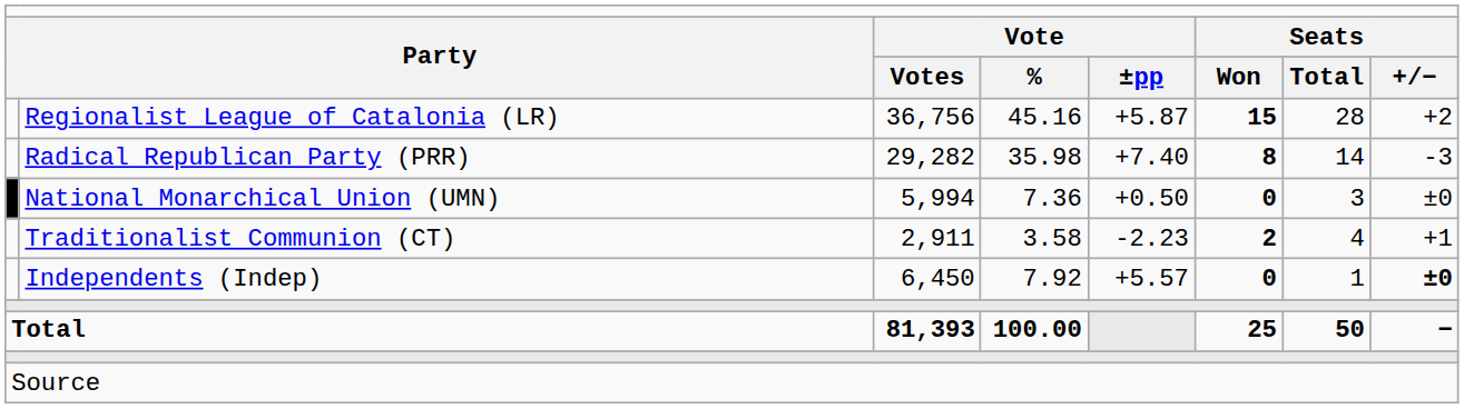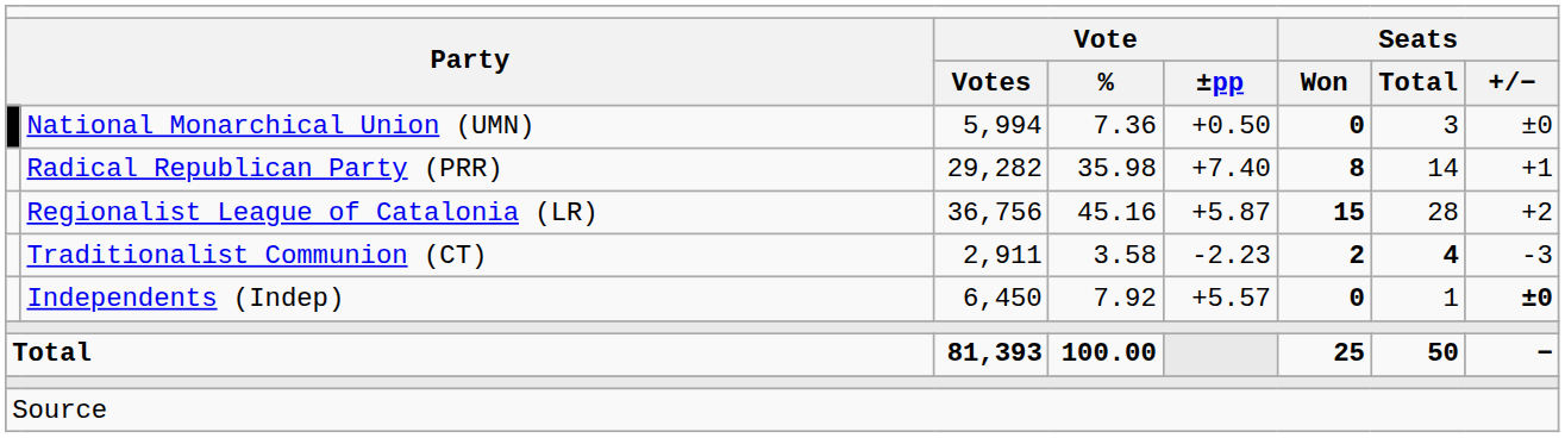 <table class='wikitable' style='text-align:right; font-size:100%;'>
 <tr>
 <td colspan='8'></td>
 </tr>
 <tr bgcolor='#E9E9E9' align='center'>
 <th align='left' rowspan='2' colspan='2' width='450'>Party</th>
 <th colspan='3'>Vote</th>
 <th colspan='3'>Seats</th>
 </tr>
 <tr bgcolor='#E9E9E9' align='center'>
 <th width='50'>Votes</th>
 <th width='50'>%</th>
 <th width='50'>±<a href='#'>pp</a></th>
 <th width='40'>Won</th>
 <th width='40'>Total</th>
 <th width='40'>+/−</th>
 </tr>
 <tr>
+<td bgcolor='#000000'></td>
+<td align='left'><a href='#'>National Monarchical Union</a> (UMN)</td>
+<td>5,994</td>
+<td>7.36</td>
+<td>+0.50</td>
+<td><strong>0</strong></td>
+<td>3</td>
+<td>±0</td>
+</tr>
+<tr>
+<td></td>
+<td align='left'><a href='#'>Radical Republican Party</a> (PRR)</td>
+<td>29,282</td>
+<td>35.98</td>
+<td>+7.40</td>
+<td><strong>8</strong></td>
+<td>14</td>
+<td>+1</td>
+</tr>
+<tr>
 <td></td>
 <td align='left'><a href='#'>Regionalist League of Catalonia</a> (LR)</td>
 <td>36,756</td>
 <td>45.16</td>
 <td>+5.87</td>
 <td><strong>15</strong></td>
 <td>28</td>
 <td>+2</td>
 </tr>
 <tr>
 <td></td>
-<td align='left'><a href='#'>Radical Republican Party</a> (PRR)</td>
-<td>29,282</td>
-<td>35.98</td>
-<td>+7.40</td>
-<td><strong>8</strong></td>
-<td>14</td>
-<td>-3</td>
-</tr>
-<tr>
-<td bgcolor='#000000'></td>
-<td align='left'><a href='#'>National Monarchical Union</a> (UMN)</td>
-<td>5,994</td>
-<td>7.36</td>
-<td>+0.50</td>
-<td><strong>0</strong></td>
-<td>3</td>
-<td>±0</td>
-</tr>
-<tr>
-<td></td>
 <td align='left'><a href='#'>Traditionalist Communion</a> (CT)</td>
 <td>2,911</td>
 <td>3.58</td>
 <td>-2.23</td>
 <td><strong>2</strong></td>
-<td>4</td>
-<td>+1</td>
+<td><strong>4</strong></td>
+<td>-3</td>
 </tr>
 <tr>
 <td width='1'></td>
 <td align='left'><a href='#'>Independents</a> (Indep)</td>
 <td>6,450</td>
 <td>7.92</td>
 <td>+5.57</td>
 <td><strong>0</strong></td>
 <td>1</td>
 <td><strong>±0</strong></td>
 </tr>
 <tr>
 <td colspan='8' bgcolor='#E9E9E9'></td>
 </tr>
 <tr style='font-weight:bold;'>
 <td align='left' colspan='2'>Total</td>
 <td>81,393</td>
 <td>100.00</td>
 <td bgcolor='#E9E9E9'></td>
 <td>25</td>
 <td>50</td>
 <td>−</td>
 </tr>
 <tr>
 <td colspan='8' bgcolor='#E9E9E9'></td>
 </tr>
 <tr>
 <td align='left' colspan='8'>Source </td>
 </tr>
 </table>
